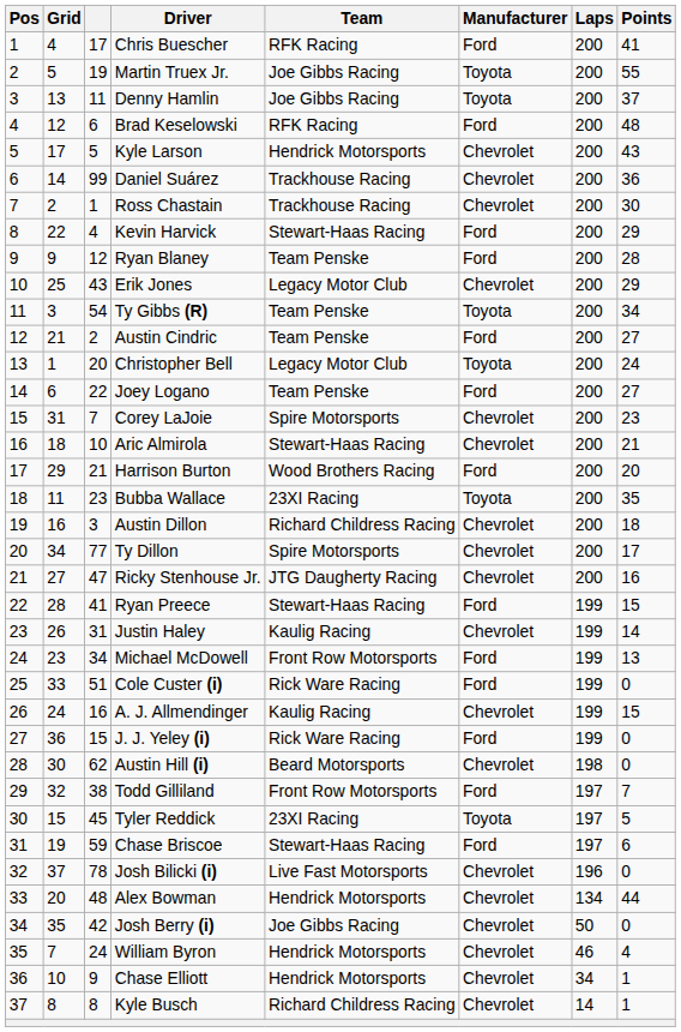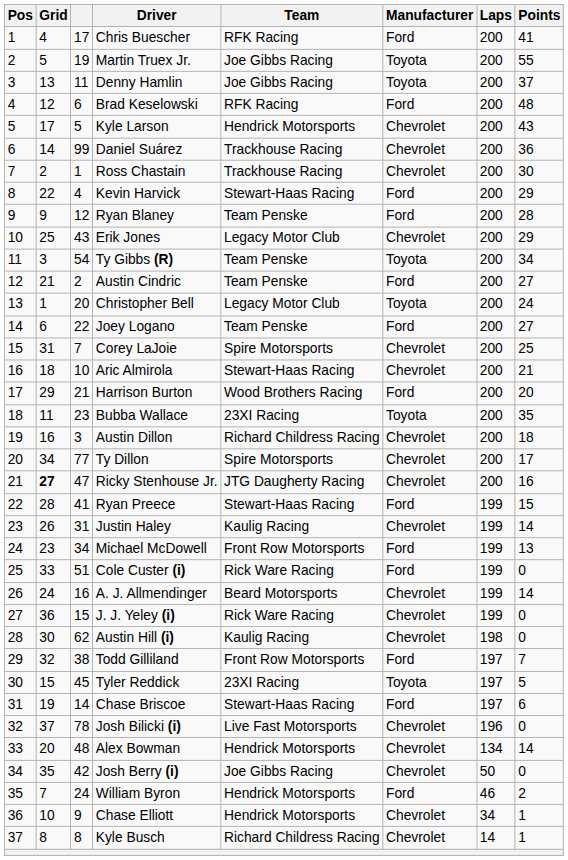 <table class="wikitable" style="font-size:98%">
 <tr>
 <th>Pos</th>
 <th>Grid</th>
 <th></th>
 <th>Driver</th>
 <th>Team</th>
 <th>Manufacturer</th>
 <th>Laps</th>
 <th>Points</th>
 </tr>
 <tr>
 <td>1</td>
 <td>4</td>
 <td>17</td>
 <td>Chris Buescher</td>
 <td>RFK Racing</td>
 <td>Ford</td>
 <td>200</td>
 <td>41</td>
 </tr>
 <tr>
 <td>2</td>
 <td>5</td>
 <td>19</td>
 <td>Martin Truex Jr.</td>
 <td>Joe Gibbs Racing</td>
 <td>Toyota</td>
 <td>200</td>
 <td>55</td>
 </tr>
 <tr>
 <td>3</td>
 <td>13</td>
 <td>11</td>
 <td>Denny Hamlin</td>
 <td>Joe Gibbs Racing</td>
 <td>Toyota</td>
 <td>200</td>
 <td>37</td>
 </tr>
 <tr>
 <td>4</td>
 <td>12</td>
 <td>6</td>
 <td>Brad Keselowski</td>
 <td>RFK Racing</td>
 <td>Ford</td>
 <td>200</td>
 <td>48</td>
 </tr>
 <tr>
 <td>5</td>
 <td>17</td>
 <td>5</td>
 <td>Kyle Larson</td>
 <td>Hendrick Motorsports</td>
 <td>Chevrolet</td>
 <td>200</td>
 <td>43</td>
 </tr>
 <tr>
 <td>6</td>
 <td>14</td>
 <td>99</td>
 <td>Daniel Suárez</td>
 <td>Trackhouse Racing</td>
 <td>Chevrolet</td>
 <td>200</td>
 <td>36</td>
 </tr>
 <tr>
 <td>7</td>
 <td>2</td>
 <td>1</td>
 <td>Ross Chastain</td>
 <td>Trackhouse Racing</td>
 <td>Chevrolet</td>
 <td>200</td>
 <td>30</td>
 </tr>
 <tr>
 <td>8</td>
 <td>22</td>
 <td>4</td>
 <td>Kevin Harvick</td>
 <td>Stewart-Haas Racing</td>
 <td>Ford</td>
 <td>200</td>
 <td>29</td>
 </tr>
 <tr>
 <td>9</td>
 <td>9</td>
 <td>12</td>
 <td>Ryan Blaney</td>
 <td>Team Penske</td>
 <td>Ford</td>
 <td>200</td>
 <td>28</td>
 </tr>
 <tr>
 <td>10</td>
 <td>25</td>
 <td>43</td>
 <td>Erik Jones</td>
 <td>Legacy Motor Club</td>
 <td>Chevrolet</td>
 <td>200</td>
 <td>29</td>
 </tr>
 <tr>
 <td>11</td>
 <td>3</td>
 <td>54</td>
 <td>Ty Gibbs <strong>(R)</strong></td>
 <td>Team Penske</td>
 <td>Toyota</td>
 <td>200</td>
 <td>34</td>
 </tr>
 <tr>
 <td>12</td>
 <td>21</td>
 <td>2</td>
 <td>Austin Cindric</td>
 <td>Team Penske</td>
 <td>Ford</td>
 <td>200</td>
 <td>27</td>
 </tr>
 <tr>
 <td>13</td>
 <td>1</td>
 <td>20</td>
 <td>Christopher Bell</td>
 <td>Legacy Motor Club</td>
 <td>Toyota</td>
 <td>200</td>
 <td>24</td>
 </tr>
 <tr>
 <td>14</td>
 <td>6</td>
 <td>22</td>
 <td>Joey Logano</td>
 <td>Team Penske</td>
 <td>Ford</td>
 <td>200</td>
 <td>27</td>
 </tr>
 <tr>
 <td>15</td>
 <td>31</td>
 <td>7</td>
 <td>Corey LaJoie</td>
 <td>Spire Motorsports</td>
 <td>Chevrolet</td>
 <td>200</td>
-<td>23</td>
+<td>25</td>
 </tr>
 <tr>
 <td>16</td>
 <td>18</td>
 <td>10</td>
 <td>Aric Almirola</td>
 <td>Stewart-Haas Racing</td>
 <td>Chevrolet</td>
 <td>200</td>
 <td>21</td>
 </tr>
 <tr>
 <td>17</td>
 <td>29</td>
 <td>21</td>
 <td>Harrison Burton</td>
 <td>Wood Brothers Racing</td>
 <td>Ford</td>
 <td>200</td>
 <td>20</td>
 </tr>
 <tr>
 <td>18</td>
 <td>11</td>
 <td>23</td>
 <td>Bubba Wallace</td>
 <td>23XI Racing</td>
 <td>Toyota</td>
 <td>200</td>
 <td>35</td>
 </tr>
 <tr>
 <td>19</td>
 <td>16</td>
 <td>3</td>
 <td>Austin Dillon</td>
 <td>Richard Childress Racing</td>
 <td>Chevrolet</td>
 <td>200</td>
 <td>18</td>
 </tr>
 <tr>
 <td>20</td>
 <td>34</td>
 <td>77</td>
 <td>Ty Dillon</td>
 <td>Spire Motorsports</td>
 <td>Chevrolet</td>
 <td>200</td>
 <td>17</td>
 </tr>
 <tr>
 <td>21</td>
-<td>27</td>
+<td><strong>27</strong></td>
 <td>47</td>
 <td>Ricky Stenhouse Jr.</td>
 <td>JTG Daugherty Racing</td>
 <td>Chevrolet</td>
 <td>200</td>
 <td>16</td>
 </tr>
 <tr>
 <td>22</td>
 <td>28</td>
 <td>41</td>
 <td>Ryan Preece</td>
 <td>Stewart-Haas Racing</td>
 <td>Ford</td>
 <td>199</td>
 <td>15</td>
 </tr>
 <tr>
 <td>23</td>
 <td>26</td>
 <td>31</td>
 <td>Justin Haley</td>
 <td>Kaulig Racing</td>
 <td>Chevrolet</td>
 <td>199</td>
 <td>14</td>
 </tr>
 <tr>
 <td>24</td>
 <td>23</td>
 <td>34</td>
 <td>Michael McDowell</td>
 <td>Front Row Motorsports</td>
 <td>Ford</td>
 <td>199</td>
 <td>13</td>
 </tr>
 <tr>
 <td>25</td>
 <td>33</td>
 <td>51</td>
 <td>Cole Custer <strong>(i)</strong></td>
 <td>Rick Ware Racing</td>
 <td>Ford</td>
 <td>199</td>
 <td>0</td>
 </tr>
 <tr>
 <td>26</td>
 <td>24</td>
 <td>16</td>
 <td>A. J. Allmendinger</td>
-<td>Kaulig Racing</td>
+<td>Beard Motorsports</td>
 <td>Chevrolet</td>
 <td>199</td>
-<td>15</td>
+<td>14</td>
 </tr>
 <tr>
 <td>27</td>
 <td>36</td>
 <td>15</td>
 <td>J. J. Yeley <strong>(i)</strong></td>
 <td>Rick Ware Racing</td>
-<td>Ford</td>
+<td>Chevrolet</td>
 <td>199</td>
 <td>0</td>
 </tr>
 <tr>
 <td>28</td>
 <td>30</td>
 <td>62</td>
 <td>Austin Hill <strong>(i)</strong></td>
-<td>Beard Motorsports</td>
+<td>Kaulig Racing</td>
 <td>Chevrolet</td>
 <td>198</td>
 <td>0</td>
 </tr>
 <tr>
 <td>29</td>
 <td>32</td>
 <td>38</td>
 <td>Todd Gilliland</td>
 <td>Front Row Motorsports</td>
 <td>Ford</td>
 <td>197</td>
 <td>7</td>
 </tr>
 <tr>
 <td>30</td>
 <td>15</td>
 <td>45</td>
 <td>Tyler Reddick</td>
 <td>23XI Racing</td>
 <td>Toyota</td>
 <td>197</td>
 <td>5</td>
 </tr>
 <tr>
 <td>31</td>
 <td>19</td>
-<td>59</td>
+<td>14</td>
 <td>Chase Briscoe</td>
 <td>Stewart-Haas Racing</td>
 <td>Ford</td>
 <td>197</td>
 <td>6</td>
 </tr>
 <tr>
 <td>32</td>
 <td>37</td>
 <td>78</td>
 <td>Josh Bilicki <strong>(i)</strong></td>
 <td>Live Fast Motorsports</td>
 <td>Chevrolet</td>
 <td>196</td>
 <td>0</td>
 </tr>
 <tr>
 <td>33</td>
 <td>20</td>
 <td>48</td>
 <td>Alex Bowman</td>
 <td>Hendrick Motorsports</td>
 <td>Chevrolet</td>
 <td>134</td>
-<td>44</td>
+<td>14</td>
 </tr>
 <tr>
 <td>34</td>
 <td>35</td>
 <td>42</td>
 <td>Josh Berry <strong>(i)</strong></td>
 <td>Joe Gibbs Racing</td>
 <td>Chevrolet</td>
 <td>50</td>
 <td>0</td>
 </tr>
 <tr>
 <td>35</td>
 <td>7</td>
 <td>24</td>
 <td>William Byron</td>
 <td>Hendrick Motorsports</td>
-<td>Chevrolet</td>
+<td>Ford</td>
 <td>46</td>
-<td>4</td>
+<td>2</td>
 </tr>
 <tr>
 <td>36</td>
 <td>10</td>
 <td>9</td>
 <td>Chase Elliott</td>
 <td>Hendrick Motorsports</td>
 <td>Chevrolet</td>
 <td>34</td>
 <td>1</td>
 </tr>
 <tr>
 <td>37</td>
 <td>8</td>
 <td>8</td>
 <td>Kyle Busch</td>
 <td>Richard Childress Racing</td>
 <td>Chevrolet</td>
 <td>14</td>
 <td>1</td>
 </tr>
 <tr>
 <th colspan="8"></th>
 </tr>
 </table>
